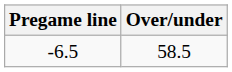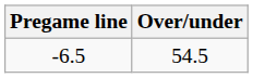 <table class="wikitable" style="margin-left: auto; margin-right: auto; border: none; display: inline-table;">
 <tr align="center">
 <th style=>Pregame line</th>
 <th style=>Over/under</th>
 </tr>
 <tr align="center">
 <td>-6.5</td>
-<td>58.5</td>
+<td>54.5</td>
 </tr>
 </table>
